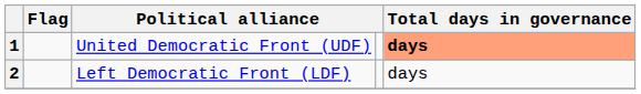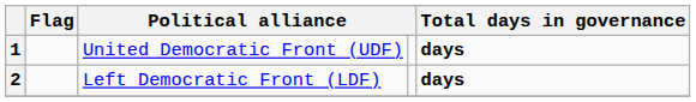 <table class="wikitable sortable"  text-align:center">
 <tr>
 <th data-sort-type=number></th>
 <th>Flag</th>
 <th colspan="2">Political alliance</th>
 <th>Total days in governance</th>
 </tr>
 <tr>
 <th data-sort-value="1">1</th>
 <td></td>
 <td><a href='#'>United Democratic Front (UDF)</a></td>
 <td style="background-color: "></td>
-<td style="background: lightsalmon;"><strong> days</strong></td>
+<td><strong> days</strong></td>
 </tr>
 <tr>
 <th data-sort-value="2">2</th>
 <td></td>
 <td><a href='#'>Left Democratic Front (LDF)</a></td>
 <td style="background-color: "></td>
-<td> days</td>
+<td><strong> days</strong></td>
 </tr>
 <tr>
 </tr>
 </table>
